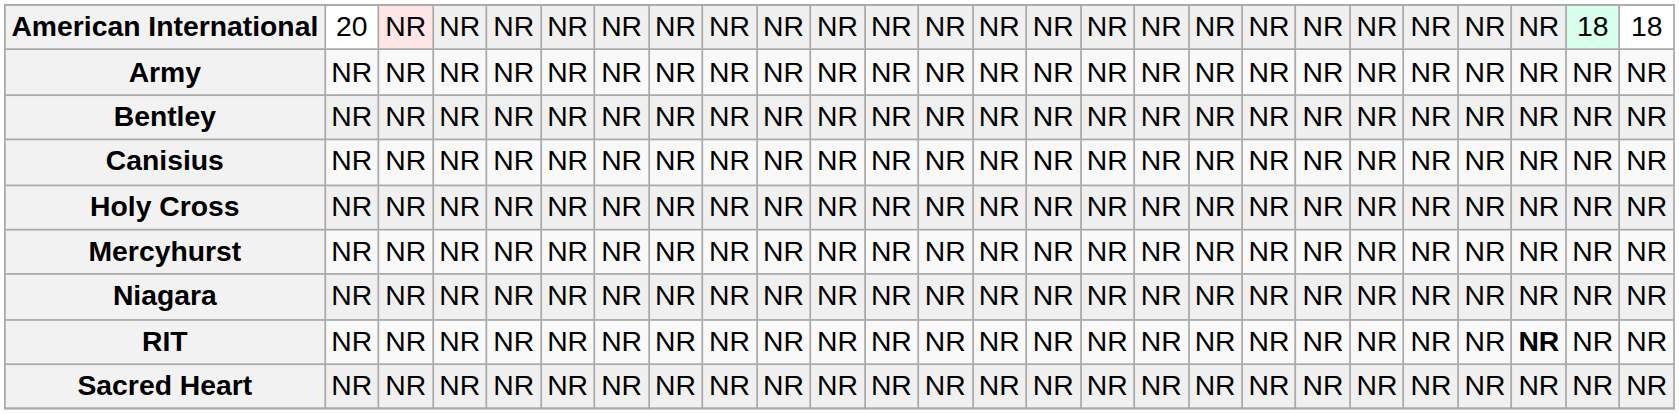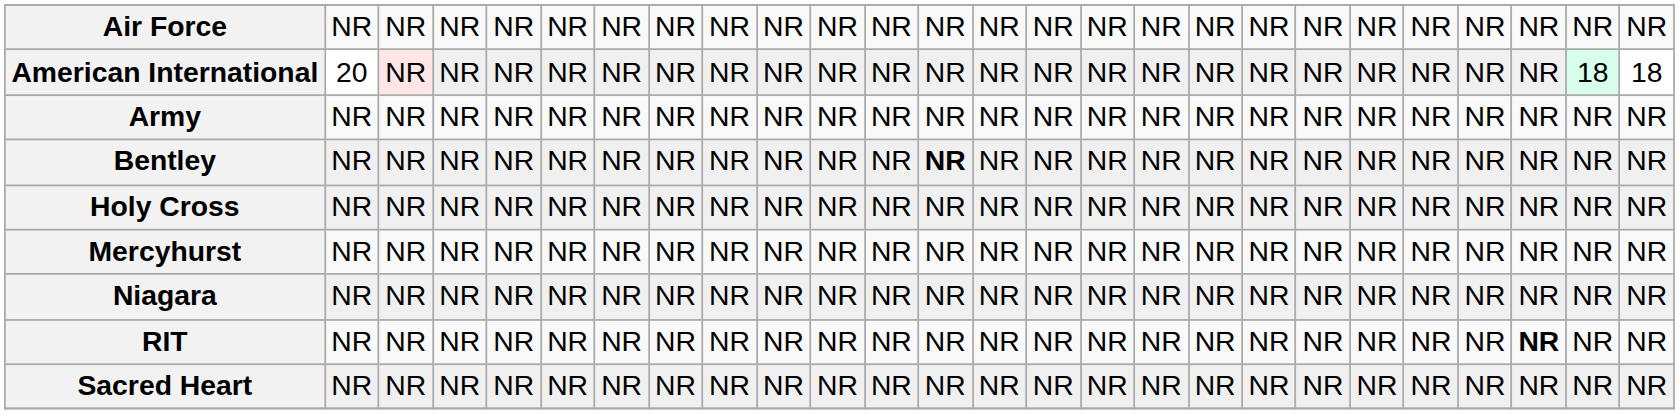 <table class="wikitable sortable" style="text-align: center;">
 <tr>
+</tr>
+<tr>
+<th>Air Force</th>
+<td>NR</td>
+<td>NR</td>
+<td>NR</td>
+<td>NR</td>
+<td>NR</td>
+<td>NR</td>
+<td>NR</td>
+<td>NR</td>
+<td>NR</td>
+<td>NR</td>
+<td>NR</td>
+<td>NR</td>
+<td>NR</td>
+<td>NR</td>
+<td>NR</td>
+<td>NR</td>
+<td>NR</td>
+<td>NR</td>
+<td>NR</td>
+<td>NR</td>
+<td>NR</td>
+<td>NR</td>
+<td>NR</td>
+<td>NR</td>
+<td>NR</td>
 </tr>
 <tr bgcolor=f0f0f0>
 <th>American International</th>
 <td bgcolor=ffffff>20</td>
 <td bgcolor=FFE6E6>NR</td>
 <td>NR</td>
 <td>NR</td>
 <td>NR</td>
 <td>NR</td>
 <td>NR</td>
 <td>NR</td>
 <td>NR</td>
 <td>NR</td>
 <td>NR</td>
 <td>NR</td>
 <td>NR</td>
 <td>NR</td>
 <td>NR</td>
 <td>NR</td>
 <td>NR</td>
 <td>NR</td>
 <td>NR</td>
 <td>NR</td>
 <td>NR</td>
 <td>NR</td>
 <td>NR</td>
 <td bgcolor=D8FFEB>18</td>
 <td bgcolor=ffffff>18</td>
 </tr>
 <tr>
 <th>Army</th>
 <td>NR</td>
 <td>NR</td>
 <td>NR</td>
 <td>NR</td>
 <td>NR</td>
 <td>NR</td>
 <td>NR</td>
 <td>NR</td>
 <td>NR</td>
 <td>NR</td>
 <td>NR</td>
 <td>NR</td>
 <td>NR</td>
 <td>NR</td>
 <td>NR</td>
 <td>NR</td>
 <td>NR</td>
 <td>NR</td>
 <td>NR</td>
 <td>NR</td>
 <td>NR</td>
 <td>NR</td>
 <td>NR</td>
 <td>NR</td>
 <td>NR</td>
 </tr>
 <tr bgcolor=f0f0f0>
 <th>Bentley</th>
 <td>NR</td>
 <td>NR</td>
 <td>NR</td>
 <td>NR</td>
 <td>NR</td>
 <td>NR</td>
 <td>NR</td>
 <td>NR</td>
 <td>NR</td>
 <td>NR</td>
 <td>NR</td>
-<td>NR</td>
-<td>NR</td>
-<td>NR</td>
-<td>NR</td>
-<td>NR</td>
-<td>NR</td>
-<td>NR</td>
-<td>NR</td>
-<td>NR</td>
-<td>NR</td>
-<td>NR</td>
-<td>NR</td>
-<td>NR</td>
-<td>NR</td>
-</tr>
-<tr>
-<th>Canisius</th>
-<td>NR</td>
-<td>NR</td>
-<td>NR</td>
-<td>NR</td>
-<td>NR</td>
-<td>NR</td>
-<td>NR</td>
-<td>NR</td>
-<td>NR</td>
-<td>NR</td>
-<td>NR</td>
-<td>NR</td>
+<td><strong>NR</strong></td>
 <td>NR</td>
 <td>NR</td>
 <td>NR</td>
 <td>NR</td>
 <td>NR</td>
 <td>NR</td>
 <td>NR</td>
 <td>NR</td>
 <td>NR</td>
 <td>NR</td>
 <td>NR</td>
 <td>NR</td>
 <td>NR</td>
 </tr>
 <tr bgcolor=f0f0f0>
 <th>Holy Cross</th>
 <td>NR</td>
 <td>NR</td>
 <td>NR</td>
 <td>NR</td>
 <td>NR</td>
 <td>NR</td>
 <td>NR</td>
 <td>NR</td>
 <td>NR</td>
 <td>NR</td>
 <td>NR</td>
 <td>NR</td>
 <td>NR</td>
 <td>NR</td>
 <td>NR</td>
 <td>NR</td>
 <td>NR</td>
 <td>NR</td>
 <td>NR</td>
 <td>NR</td>
 <td>NR</td>
 <td>NR</td>
 <td>NR</td>
 <td>NR</td>
 <td>NR</td>
 </tr>
 <tr>
 <th>Mercyhurst</th>
 <td>NR</td>
 <td>NR</td>
 <td>NR</td>
 <td>NR</td>
 <td>NR</td>
 <td>NR</td>
 <td>NR</td>
 <td>NR</td>
 <td>NR</td>
 <td>NR</td>
 <td>NR</td>
 <td>NR</td>
 <td>NR</td>
 <td>NR</td>
 <td>NR</td>
 <td>NR</td>
 <td>NR</td>
 <td>NR</td>
 <td>NR</td>
 <td>NR</td>
 <td>NR</td>
 <td>NR</td>
 <td>NR</td>
 <td>NR</td>
 <td>NR</td>
 </tr>
 <tr bgcolor=f0f0f0>
 <th>Niagara</th>
 <td>NR</td>
 <td>NR</td>
 <td>NR</td>
 <td>NR</td>
 <td>NR</td>
 <td>NR</td>
 <td>NR</td>
 <td>NR</td>
 <td>NR</td>
 <td>NR</td>
 <td>NR</td>
 <td>NR</td>
 <td>NR</td>
 <td>NR</td>
 <td>NR</td>
 <td>NR</td>
 <td>NR</td>
 <td>NR</td>
 <td>NR</td>
 <td>NR</td>
 <td>NR</td>
 <td>NR</td>
 <td>NR</td>
 <td>NR</td>
 <td>NR</td>
 </tr>
 <tr>
 <th>RIT</th>
 <td>NR</td>
 <td>NR</td>
 <td>NR</td>
 <td>NR</td>
 <td>NR</td>
 <td>NR</td>
 <td>NR</td>
 <td>NR</td>
 <td>NR</td>
 <td>NR</td>
 <td>NR</td>
 <td>NR</td>
 <td>NR</td>
 <td>NR</td>
 <td>NR</td>
 <td>NR</td>
 <td>NR</td>
 <td>NR</td>
 <td>NR</td>
 <td>NR</td>
 <td>NR</td>
 <td>NR</td>
 <td><strong>NR</strong></td>
 <td>NR</td>
 <td>NR</td>
 </tr>
 <tr bgcolor=f0f0f0>
 <th>Sacred Heart</th>
 <td>NR</td>
 <td>NR</td>
 <td>NR</td>
 <td>NR</td>
 <td>NR</td>
 <td>NR</td>
 <td>NR</td>
 <td>NR</td>
 <td>NR</td>
 <td>NR</td>
 <td>NR</td>
 <td>NR</td>
 <td>NR</td>
 <td>NR</td>
 <td>NR</td>
 <td>NR</td>
 <td>NR</td>
 <td>NR</td>
 <td>NR</td>
 <td>NR</td>
 <td>NR</td>
 <td>NR</td>
 <td>NR</td>
 <td>NR</td>
 <td>NR</td>
 </tr>
 <tr>
 </tr>
 </table>
